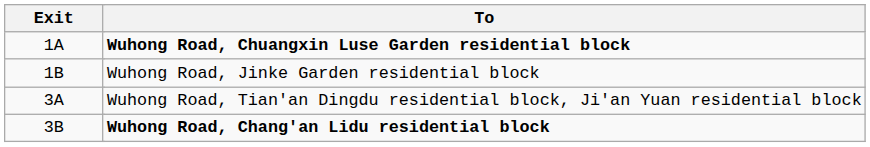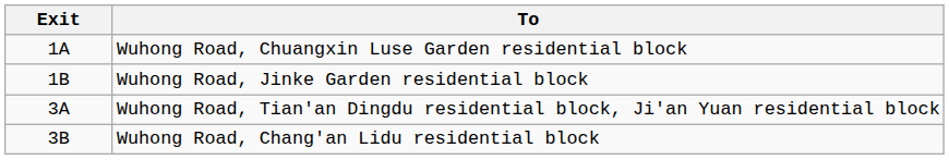 <table class="wikitable">
 <tr>
 <th style="width:70px" colspan="2">Exit</th>
 <th>To</th>
 </tr>
 <tr>
 <td align="center" colspan="2">1A</td>
-<td><strong>Wuhong Road, Chuangxin Luse Garden residential block</strong></td>
+<td>Wuhong Road, Chuangxin Luse Garden residential block</td>
 </tr>
 <tr>
 <td align="center" colspan="2">1B</td>
 <td>Wuhong Road, Jinke Garden residential block</td>
 </tr>
 <tr>
 <td align="center" colspan="2">3A</td>
 <td>Wuhong Road, Tian'an Dingdu residential block, Ji'an Yuan residential block</td>
 </tr>
 <tr>
 <td align="center" colspan="2">3B</td>
-<td><strong>Wuhong Road, Chang'an Lidu residential block</strong></td>
+<td>Wuhong Road, Chang'an Lidu residential block</td>
 </tr>
 </table>
